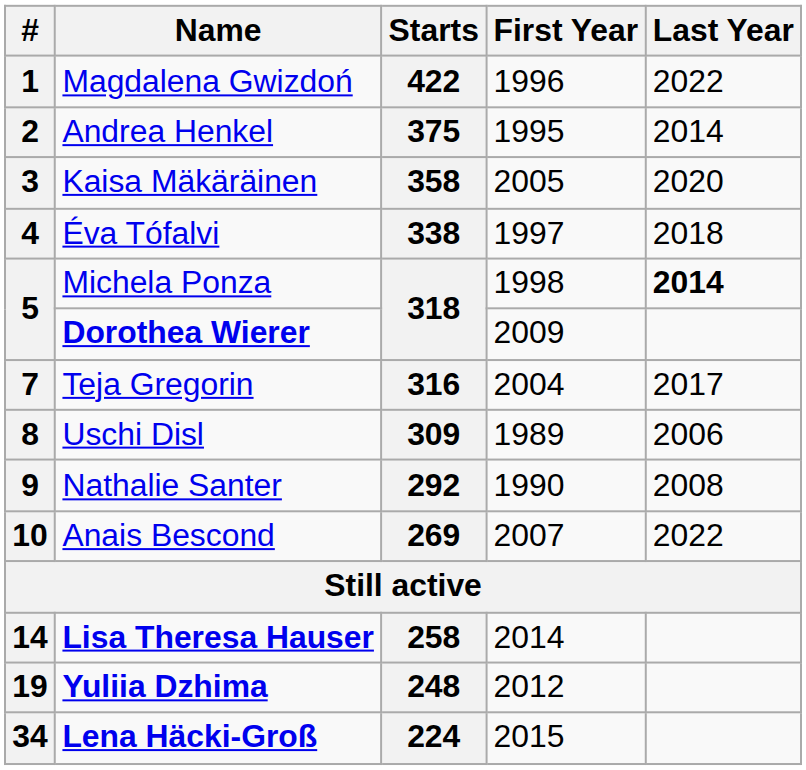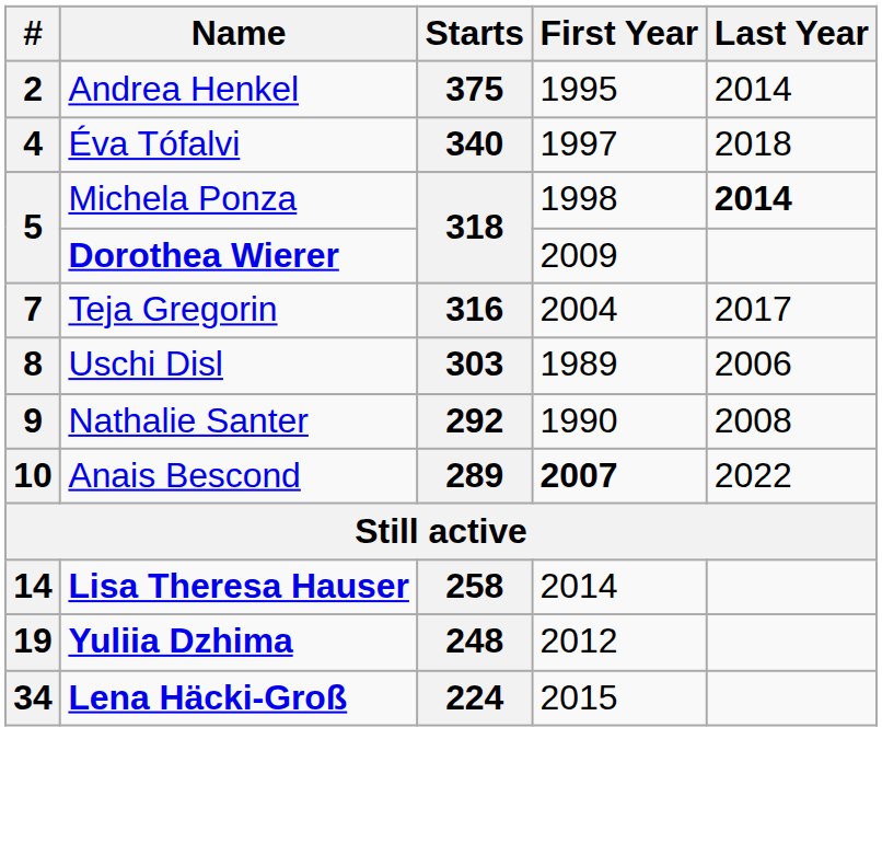 <table class="wikitable plainrowheaders" style="display:inline-table;">
 <tr>
 <th>#</th>
 <th>Name</th>
 <th>Starts</th>
 <th>First Year</th>
 <th>Last Year</th>
 </tr>
 <tr>
-<th>1</th>
-<td style="text-align:left"> <a href='#'>Magdalena Gwizdoń</a></td>
-<th>422</th>
-<td>1996</td>
-<td>2022</td>
-</tr>
-<tr>
 <th>2</th>
 <td style="text-align:left"> <a href='#'>Andrea Henkel</a></td>
 <th>375</th>
 <td>1995</td>
 <td>2014</td>
 </tr>
 <tr>
-<th>3</th>
-<td style="text-align:left"> <a href='#'>Kaisa Mäkäräinen</a></td>
-<th>358</th>
-<td>2005</td>
-<td>2020</td>
-</tr>
-<tr>
 <th>4</th>
 <td style="text-align:left"> <a href='#'>Éva Tófalvi</a></td>
-<th>338</th>
+<th>340</th>
 <td>1997</td>
 <td>2018</td>
 </tr>
 <tr>
 <th rowspan=2>5</th>
 <td style="text-align:left"> <a href='#'>Michela Ponza</a></td>
 <th rowspan=2>318</th>
 <td>1998</td>
 <td><strong>2014</strong></td>
 </tr>
 <tr>
 <td style="text-align:left"> <strong><a href='#'>Dorothea Wierer</a></strong></td>
 <td>2009</td>
 <td></td>
 </tr>
 <tr>
 <th>7</th>
 <td style="text-align:left"> <a href='#'>Teja Gregorin</a></td>
 <th>316</th>
 <td>2004</td>
 <td>2017</td>
 </tr>
 <tr>
 <th>8</th>
 <td style="text-align:left"> <a href='#'>Uschi Disl</a></td>
-<th>309</th>
+<th>303</th>
 <td>1989</td>
 <td>2006</td>
 </tr>
 <tr>
 <th>9</th>
 <td style="text-align:left"> <a href='#'>Nathalie Santer</a></td>
 <th>292</th>
 <td>1990</td>
 <td>2008</td>
 </tr>
 <tr>
 <th>10</th>
 <td style="text-align:left"> <a href='#'>Anais Bescond</a></td>
-<th>269</th>
-<td>2007</td>
+<th>289</th>
+<td><strong>2007</strong></td>
 <td>2022</td>
 </tr>
 <tr>
 <th colspan=5>Still active</th>
 </tr>
 <tr>
 <th>14</th>
 <td style="text-align:left"> <strong><a href='#'>Lisa Theresa Hauser</a></strong></td>
 <th>258</th>
 <td>2014</td>
 <td></td>
 </tr>
 <tr>
 <th>19</th>
 <td style="text-align:left"> <strong><a href='#'>Yuliia Dzhima</a></strong></td>
 <th>248</th>
 <td>2012</td>
 <td></td>
 </tr>
 <tr>
 <th>34</th>
 <td style="text-align:left"> <strong><a href='#'>Lena Häcki-Groß</a></strong></td>
 <th>224</th>
 <td>2015</td>
 <td></td>
 </tr>
 </table>
